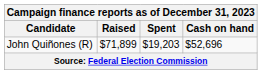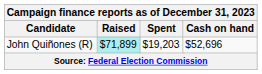 <table class="wikitable sortable">
 <tr>
 <th colspan=4>Campaign finance reports as of December 31, 2023</th>
 </tr>
 <tr style="text-align:center;">
 <th>Candidate</th>
 <th>Raised</th>
 <th>Spent</th>
 <th>Cash on hand</th>
 </tr>
 <tr>
 <td>John Quiñones (R)</td>
-<td>$71,899</td>
+<td style="background: paleturquoise;">$71,899</td>
 <td>$19,203</td>
 <td>$52,696</td>
 </tr>
 <tr>
 <th colspan="4"><small>Source: <a href='#'>Federal Election Commission</a></small></th>
 </tr>
 </table>
